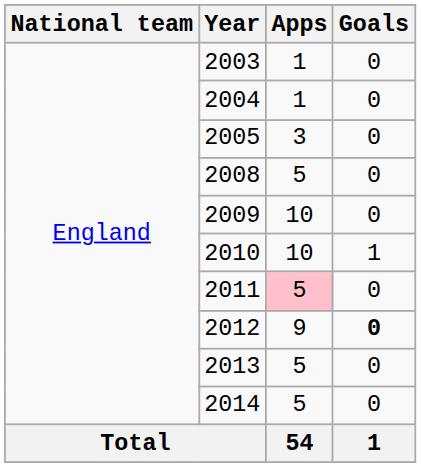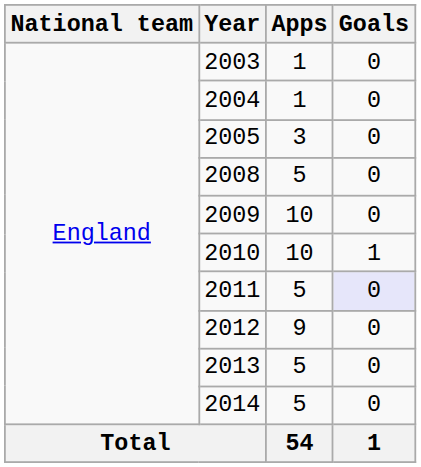 <table class=wikitable style="text-align: center;">
 <tr>
 <th>National team</th>
 <th>Year</th>
 <th>Apps</th>
 <th>Goals</th>
 </tr>
 <tr>
 <td rowspan=10><a href='#'>England</a></td>
 <td>2003</td>
 <td>1</td>
 <td>0</td>
 </tr>
 <tr>
 <td>2004</td>
 <td>1</td>
 <td>0</td>
 </tr>
 <tr>
 <td>2005</td>
 <td>3</td>
 <td>0</td>
 </tr>
 <tr>
 <td>2008</td>
 <td>5</td>
 <td>0</td>
 </tr>
 <tr>
 <td>2009</td>
 <td>10</td>
 <td>0</td>
 </tr>
 <tr>
 <td>2010</td>
 <td>10</td>
 <td>1</td>
 </tr>
 <tr>
 <td>2011</td>
-<td style="background: pink;">5</td>
-<td>0</td>
+<td>5</td>
+<td style="background: lavender;">0</td>
 </tr>
 <tr>
 <td>2012</td>
 <td>9</td>
-<td><strong>0</strong></td>
+<td>0</td>
 </tr>
 <tr>
 <td>2013</td>
 <td>5</td>
 <td>0</td>
 </tr>
 <tr>
 <td>2014</td>
 <td>5</td>
 <td>0</td>
 </tr>
 <tr>
 <th colspan=2>Total</th>
 <th>54</th>
 <th>1</th>
 </tr>
 </table>
